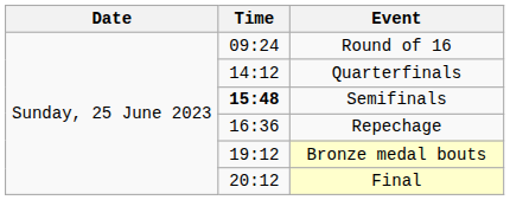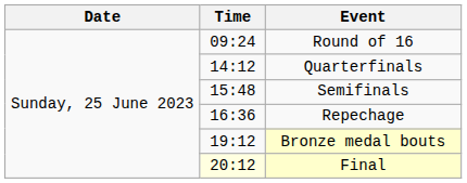 <table class = "wikitable" style="text-align:center;">
 <tr>
 <th width=160>Date</th>
 <th width=50>Time</th>
 <th width=160>Event</th>
 </tr>
 <tr>
 <td rowspan=6>Sunday, 25 June 2023</td>
 <td>09:24</td>
 <td>Round of 16</td>
 </tr>
 <tr>
 <td>14:12</td>
 <td>Quarterfinals</td>
 </tr>
 <tr>
-<td><strong>15:48</strong></td>
+<td>15:48</td>
 <td>Semifinals</td>
 </tr>
 <tr>
 <td>16:36</td>
 <td>Repechage</td>
 </tr>
 <tr>
 <td>19:12</td>
 <td bgcolor=ffffcc>Bronze medal bouts</td>
 </tr>
 <tr>
-<td>20:12</td>
+<td style="background: lightyellow;">20:12</td>
 <td bgcolor=ffffcc>Final</td>
 </tr>
 </table>
